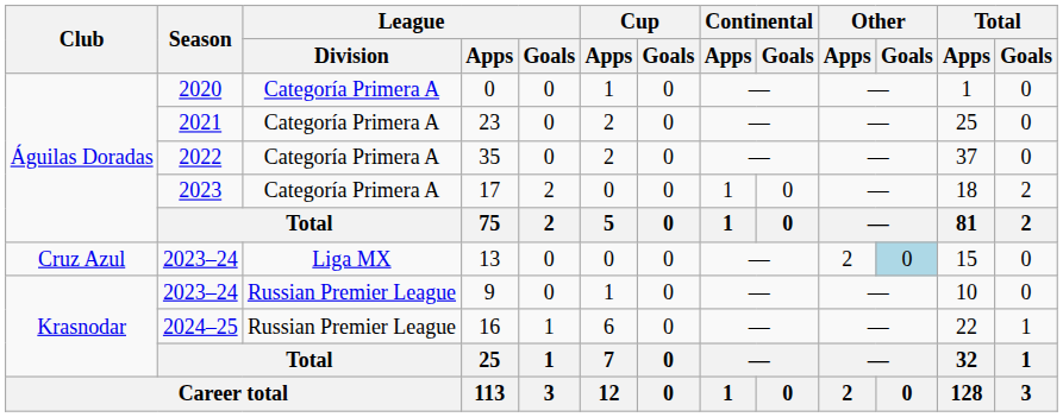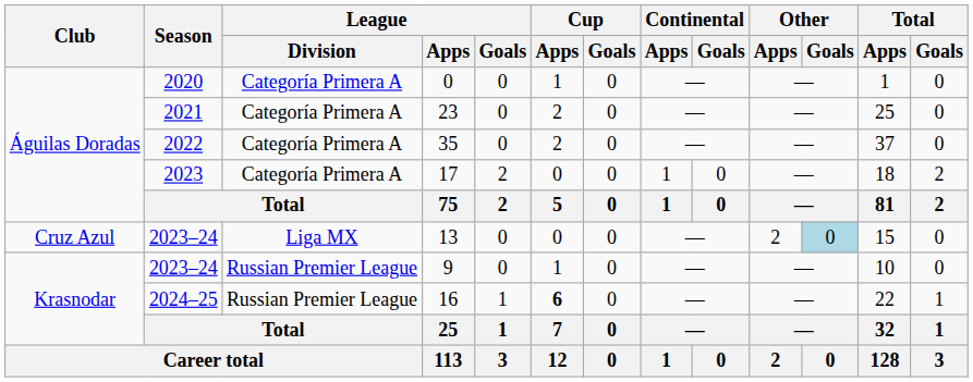 <table class="wikitable" style="text-align: center;">
 <tr>
 <th rowspan="2">Club</th>
 <th rowspan="2">Season</th>
 <th colspan="3">League</th>
 <th colspan="2">Cup</th>
 <th colspan="2">Continental</th>
 <th colspan="2">Other</th>
 <th colspan="2">Total</th>
 </tr>
 <tr>
 <th>Division</th>
 <th>Apps</th>
 <th>Goals</th>
 <th>Apps</th>
 <th>Goals</th>
 <th>Apps</th>
 <th>Goals</th>
 <th>Apps</th>
 <th>Goals</th>
 <th>Apps</th>
 <th>Goals</th>
 </tr>
 <tr>
 <td rowspan="5"><a href='#'>Águilas Doradas</a></td>
 <td><a href='#'>2020</a></td>
 <td><a href='#'>Categoría Primera A</a></td>
 <td>0</td>
 <td>0</td>
 <td>1</td>
 <td>0</td>
 <td colspan="2">—</td>
 <td colspan="2">—</td>
 <td>1</td>
 <td>0</td>
 </tr>
 <tr>
 <td><a href='#'>2021</a></td>
 <td>Categoría Primera A</td>
 <td>23</td>
 <td>0</td>
 <td>2</td>
 <td>0</td>
 <td colspan="2">—</td>
 <td colspan="2">—</td>
 <td>25</td>
 <td>0</td>
 </tr>
 <tr>
 <td><a href='#'>2022</a></td>
 <td>Categoría Primera A</td>
 <td>35</td>
 <td>0</td>
 <td>2</td>
 <td>0</td>
 <td colspan="2">—</td>
 <td colspan="2">—</td>
 <td>37</td>
 <td>0</td>
 </tr>
 <tr>
 <td><a href='#'>2023</a></td>
 <td>Categoría Primera A</td>
 <td>17</td>
 <td>2</td>
 <td>0</td>
 <td>0</td>
 <td>1</td>
 <td>0</td>
 <td colspan="2">—</td>
 <td>18</td>
 <td>2</td>
 </tr>
 <tr>
 <th colspan="2">Total</th>
 <th>75</th>
 <th>2</th>
 <th>5</th>
 <th>0</th>
 <th>1</th>
 <th>0</th>
 <th colspan="2">—</th>
 <th>81</th>
 <th>2</th>
 </tr>
 <tr>
 <td><a href='#'>Cruz Azul</a></td>
 <td><a href='#'>2023–24</a></td>
 <td><a href='#'>Liga MX</a></td>
 <td>13</td>
 <td>0</td>
 <td>0</td>
 <td>0</td>
 <td colspan="2">—</td>
 <td>2</td>
 <td style="background: lightblue;">0</td>
 <td>15</td>
 <td>0</td>
 </tr>
 <tr>
 <td rowspan="3"><a href='#'>Krasnodar</a></td>
 <td><a href='#'>2023–24</a></td>
 <td><a href='#'>Russian Premier League</a></td>
 <td>9</td>
 <td>0</td>
 <td>1</td>
 <td>0</td>
 <td colspan="2">—</td>
 <td colspan="2">—</td>
 <td>10</td>
 <td>0</td>
 </tr>
 <tr>
 <td><a href='#'>2024–25</a></td>
 <td>Russian Premier League</td>
 <td>16</td>
 <td>1</td>
-<td>6</td>
+<td><strong>6</strong></td>
 <td>0</td>
 <td colspan="2">—</td>
 <td colspan="2">—</td>
 <td>22</td>
 <td>1</td>
 </tr>
 <tr>
 <th colspan="2">Total</th>
 <th>25</th>
 <th>1</th>
 <th>7</th>
 <th>0</th>
 <th colspan="2">—</th>
 <th colspan="2">—</th>
 <th>32</th>
 <th>1</th>
 </tr>
 <tr>
 <th colspan="3">Career total</th>
 <th>113</th>
 <th>3</th>
 <th>12</th>
 <th>0</th>
 <th>1</th>
 <th>0</th>
 <th>2</th>
 <th>0</th>
 <th>128</th>
 <th>3</th>
 </tr>
 </table>
